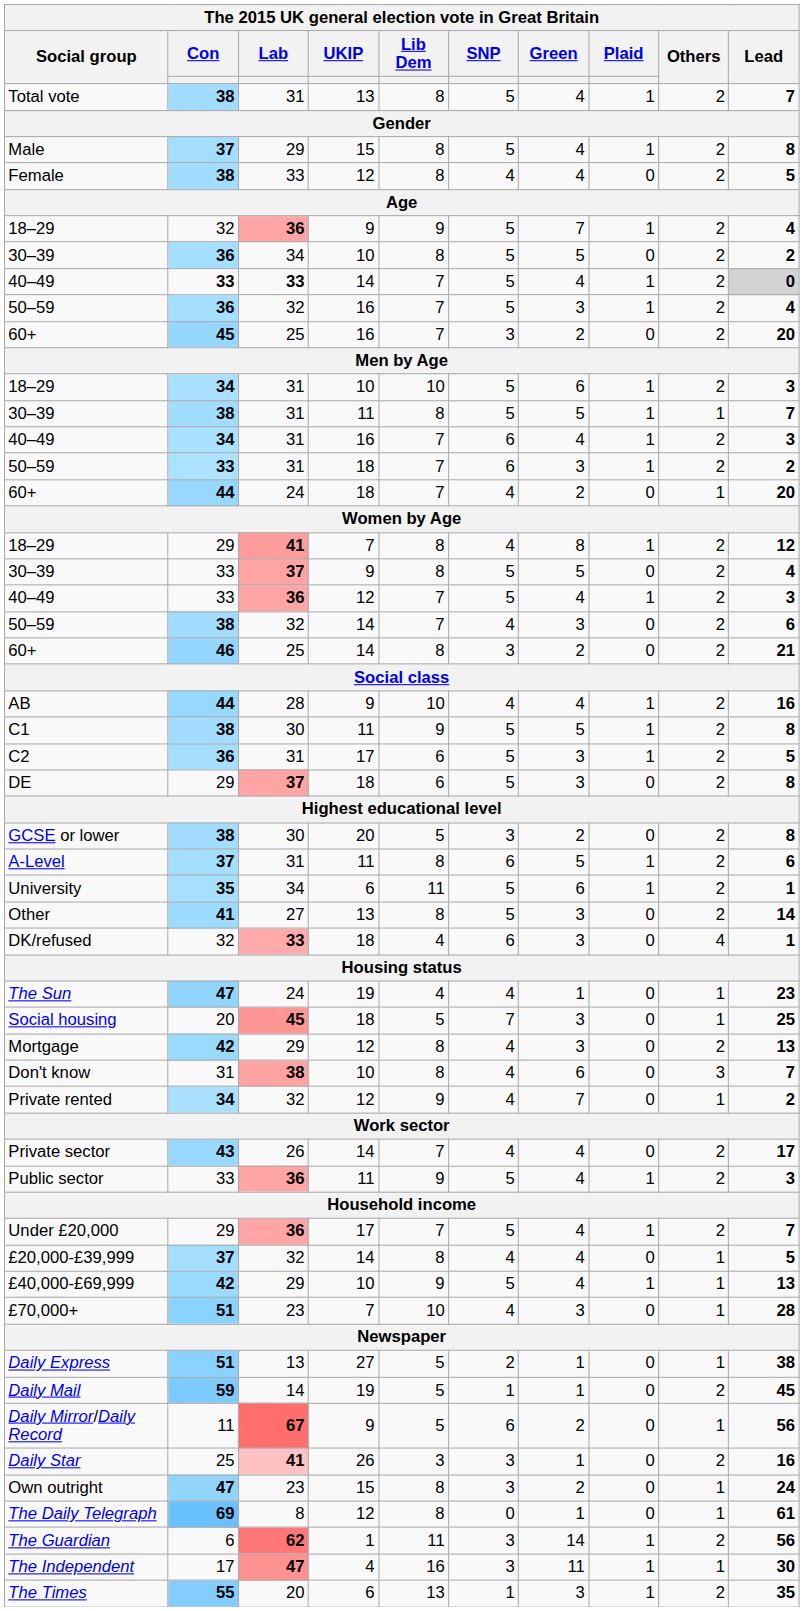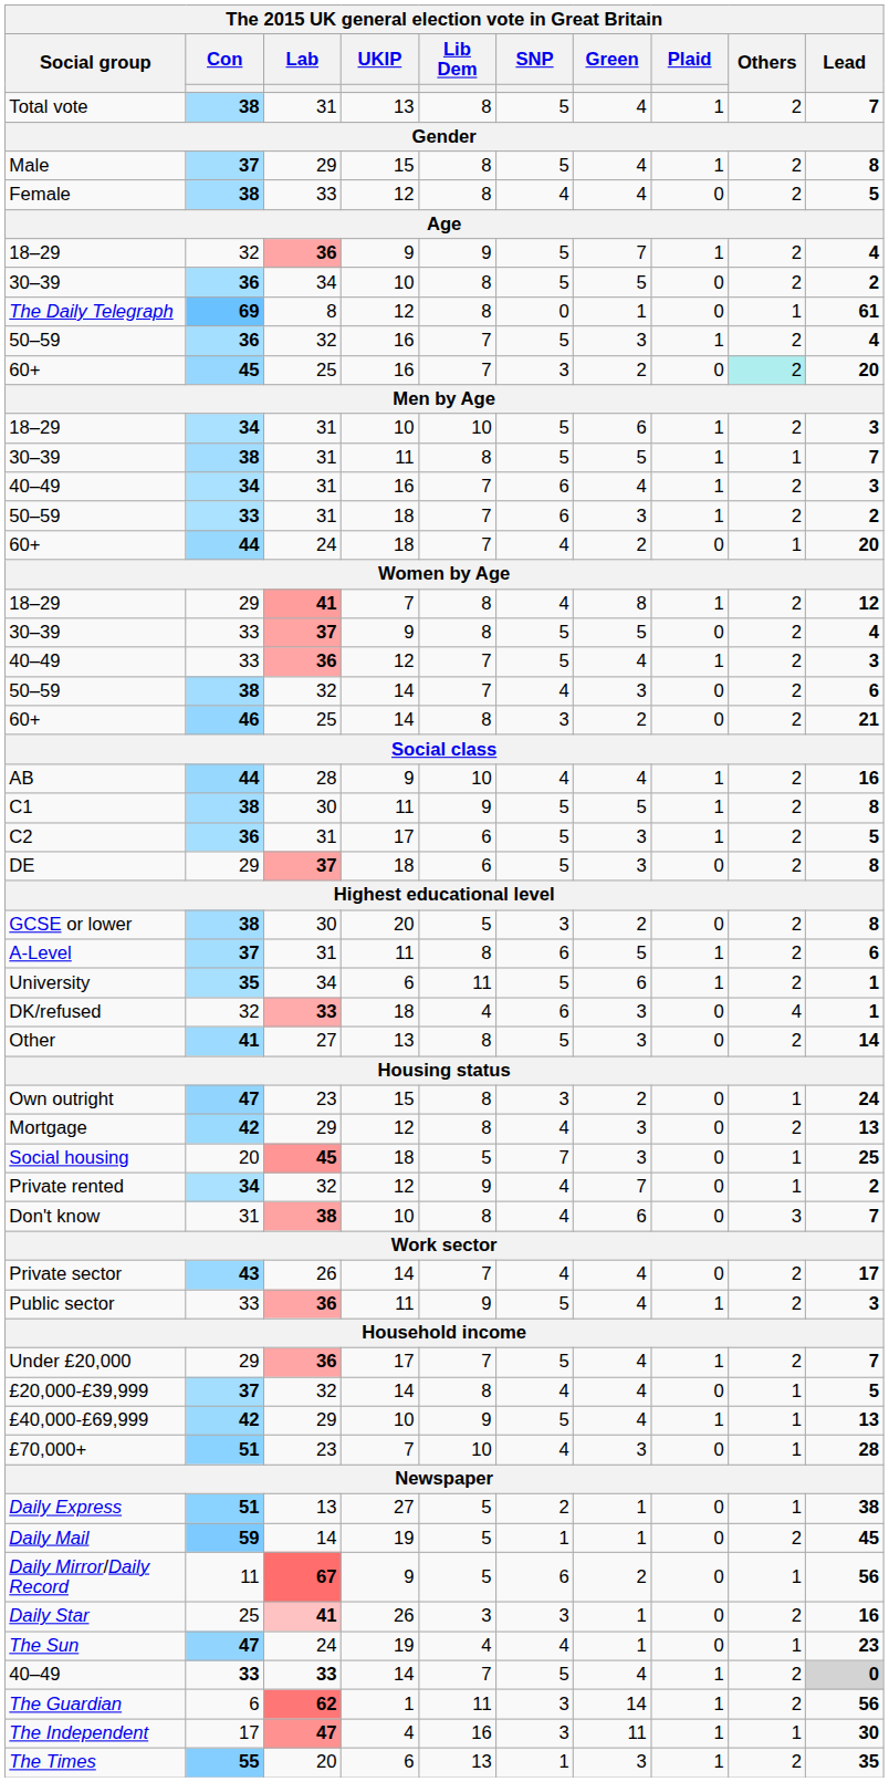 <table class=wikitable>
 <tr>
 <th colspan="10">The 2015 UK general election vote in Great Britain</th>
 </tr>
 <tr>
 <th style="width:150px;" rowspan="2">Social group</th>
 <th style="width:60px;" class="unsortable"><a href='#'>Con</a></th>
 <th style="width:60px;" class="unsortable"><a href='#'>Lab</a></th>
 <th style="width:60px;" class="unsortable"><a href='#'>UKIP</a></th>
 <th style="width:60px;" class="unsortable"><a href='#'>Lib Dem</a></th>
 <th style="width:60px;" class="unsortable"><a href='#'>SNP</a></th>
 <th style="width:60px;" class="unsortable"><a href='#'>Green</a></th>
 <th style="width:60px;" class="unsortable"><a href='#'>Plaid</a></th>
 <th style="width:60px;" rowspan="2" class="unsortable">Others</th>
 <th style="width:60px;" rowspan="2" class="unsortable">Lead</th>
 </tr>
 <tr>
 <th class="unsortable" style="color:inherit;background:"></th>
 <th class="unsortable" style="color:inherit;background:"></th>
 <th class="unsortable" style="color:inherit;background:"></th>
 <th class="unsortable" style="color:inherit;background:"></th>
 <th class="unsortable" style="color:inherit;background:"></th>
 <th class="unsortable" style="color:inherit;background:"></th>
 <th class="unsortable" style="color:inherit;background:"></th>
 </tr>
 <tr>
 <td>Total vote</td>
 <td style="text-align:right; background:#A2DDFF;"><strong>38</strong></td>
 <td style="text-align:right;">31</td>
 <td style="text-align:right;">13</td>
 <td style="text-align:right;">8</td>
 <td style="text-align:right;">5</td>
 <td style="text-align:right;">4</td>
 <td style="text-align:right;">1</td>
 <td style="text-align:right;">2</td>
 <td style="text-align:right; background:"><strong>7</strong></td>
 </tr>
 <tr>
 <th colspan=10>Gender</th>
 </tr>
 <tr>
 <td>Male</td>
 <td style="text-align:right; background:#A3DEFF;"><strong>37</strong></td>
 <td style="text-align:right;">29</td>
 <td style="text-align:right;">15</td>
 <td style="text-align:right;">8</td>
 <td style="text-align:right;">5</td>
 <td style="text-align:right;">4</td>
 <td style="text-align:right;">1</td>
 <td style="text-align:right;">2</td>
 <td style="text-align:right; background:"><strong>8</strong></td>
 </tr>
 <tr>
 <td>Female</td>
 <td style="text-align:right; background:#A2DDFF;"><strong>38</strong></td>
 <td style="text-align:right;">33</td>
 <td style="text-align:right;">12</td>
 <td style="text-align:right;">8</td>
 <td style="text-align:right;">4</td>
 <td style="text-align:right;">4</td>
 <td style="text-align:right;">0</td>
 <td style="text-align:right;">2</td>
 <td style="text-align:right; background:"><strong>5</strong></td>
 </tr>
 <tr>
 <th colspan=10>Age</th>
 </tr>
 <tr>
 <td>18–29</td>
 <td style="text-align:right;">32</td>
 <td style="text-align:right; background:#FFA5A5;"><strong>36</strong></td>
 <td style="text-align:right;">9</td>
 <td style="text-align:right;">9</td>
 <td style="text-align:right;">5</td>
 <td style="text-align:right;">7</td>
 <td style="text-align:right;">1</td>
 <td style="text-align:right;">2</td>
 <td style="text-align:right; background:"><strong>4</strong></td>
 </tr>
 <tr>
 <td>30–39</td>
 <td style="text-align:right; background:#A5DFFF;"><strong>36</strong></td>
 <td style="text-align:right;">34</td>
 <td style="text-align:right;">10</td>
 <td style="text-align:right;">8</td>
 <td style="text-align:right;">5</td>
 <td style="text-align:right;">5</td>
 <td style="text-align:right;">0</td>
 <td style="text-align:right;">2</td>
 <td style="text-align:right; background:"><strong>2</strong></td>
 </tr>
 <tr>
-<td>40–49</td>
-<td style="text-align:right; "><strong>33</strong></td>
-<td style="text-align:right; "><strong>33</strong></td>
-<td style="text-align:right;">14</td>
-<td style="text-align:right;">7</td>
-<td style="text-align:right;">5</td>
-<td style="text-align:right;">4</td>
+<td><em><a href='#'>The Daily Telegraph</a></em></td>
+<td style="text-align:right; background:#6AC1FF;"><strong>69</strong></td>
+<td style="text-align:right;">8</td>
+<td style="text-align:right;">12</td>
+<td style="text-align:right;">8</td>
+<td style="text-align:right;">0</td>
 <td style="text-align:right;">1</td>
-<td style="text-align:right;">2</td>
-<td style="text-align:right; background:lightgrey; color:black;"><strong>0</strong></td>
+<td style="text-align:right;">0</td>
+<td style="text-align:right;">1</td>
+<td style="text-align:right; background:"><strong>61</strong></td>
 </tr>
 <tr>
 <td>50–59</td>
 <td style="text-align:right; background:#A5DFFF;"><strong>36</strong></td>
 <td style="text-align:right; ">32</td>
 <td style="text-align:right;">16</td>
 <td style="text-align:right;">7</td>
 <td style="text-align:right;">5</td>
 <td style="text-align:right;">3</td>
 <td style="text-align:right;">1</td>
 <td style="text-align:right;">2</td>
 <td style="text-align:right; background:"><strong>4</strong></td>
 </tr>
 <tr>
 <td>60+</td>
 <td style="text-align:right; background:#95D7FF;"><strong>45</strong></td>
 <td style="text-align:right; ">25</td>
 <td style="text-align:right;">16</td>
 <td style="text-align:right;">7</td>
 <td style="text-align:right;">3</td>
 <td style="text-align:right;">2</td>
 <td style="text-align:right;">0</td>
-<td style="text-align:right;">2</td>
+<td style="background: paleturquoise; text-align:right;">2</td>
 <td style="text-align:right; background:"><strong>20</strong></td>
 </tr>
 <tr>
 <th colspan=10>Men by Age</th>
 </tr>
 <tr>
 <td>18–29</td>
 <td style="text-align:right; background:#A9E1FF;"><strong>34</strong></td>
 <td style="text-align:right;">31</td>
 <td style="text-align:right;">10</td>
 <td style="text-align:right;">10</td>
 <td style="text-align:right;">5</td>
 <td style="text-align:right;">6</td>
 <td style="text-align:right;">1</td>
 <td style="text-align:right;">2</td>
 <td style="text-align:right; background:"><strong>3</strong></td>
 </tr>
 <tr>
 <td>30–39</td>
 <td style="text-align:right; background:#A2DDFF;"><strong>38</strong></td>
 <td style="text-align:right;">31</td>
 <td style="text-align:right;">11</td>
 <td style="text-align:right;">8</td>
 <td style="text-align:right;">5</td>
 <td style="text-align:right;">5</td>
 <td style="text-align:right;">1</td>
 <td style="text-align:right;">1</td>
 <td style="text-align:right; background:"><strong>7</strong></td>
 </tr>
 <tr>
 <td>40–49</td>
 <td style="text-align:right; background:#A9E1FF;"><strong>34</strong></td>
 <td style="text-align:right; ">31</td>
 <td style="text-align:right;">16</td>
 <td style="text-align:right;">7</td>
 <td style="text-align:right;">6</td>
 <td style="text-align:right;">4</td>
 <td style="text-align:right;">1</td>
 <td style="text-align:right;">2</td>
 <td style="text-align:right; background:"><strong>3</strong></td>
 </tr>
 <tr>
 <td>50–59</td>
 <td style="text-align:right; background:#ABE2FF;"><strong>33</strong></td>
 <td style="text-align:right;">31</td>
 <td style="text-align:right;">18</td>
 <td style="text-align:right;">7</td>
 <td style="text-align:right;">6</td>
 <td style="text-align:right;">3</td>
 <td style="text-align:right;">1</td>
 <td style="text-align:right;">2</td>
 <td style="text-align:right; background:"><strong>2</strong></td>
 </tr>
 <tr>
 <td>60+</td>
 <td style="text-align:right; background:#97D8FF;"><strong>44</strong></td>
 <td style="text-align:right;">24</td>
 <td style="text-align:right;">18</td>
 <td style="text-align:right;">7</td>
 <td style="text-align:right;">4</td>
 <td style="text-align:right;">2</td>
 <td style="text-align:right;">0</td>
 <td style="text-align:right;">1</td>
 <td style="text-align:right; background:"><strong>20</strong></td>
 </tr>
 <tr>
 <th colspan=10>Women by Age</th>
 </tr>
 <tr>
 <td>18–29</td>
 <td style="text-align:right;">29</td>
 <td style="text-align:right; background:#FF9C9C;"><strong>41</strong></td>
 <td style="text-align:right;">7</td>
 <td style="text-align:right;">8</td>
 <td style="text-align:right;">4</td>
 <td style="text-align:right;">8</td>
 <td style="text-align:right;">1</td>
 <td style="text-align:right;">2</td>
 <td style="text-align:right; background:"><strong>12</strong></td>
 </tr>
 <tr>
 <td>30–39</td>
 <td style="text-align:right;">33</td>
 <td style="text-align:right; background:#FFA3A3;"><strong>37</strong></td>
 <td style="text-align:right;">9</td>
 <td style="text-align:right;">8</td>
 <td style="text-align:right;">5</td>
 <td style="text-align:right;">5</td>
 <td style="text-align:right;">0</td>
 <td style="text-align:right;">2</td>
 <td style="text-align:right; background:"><strong>4</strong></td>
 </tr>
 <tr>
 <td>40–49</td>
 <td style="text-align:right;">33</td>
 <td style="text-align:right; background:#FFA5A5;"><strong>36</strong></td>
 <td style="text-align:right;">12</td>
 <td style="text-align:right;">7</td>
 <td style="text-align:right;">5</td>
 <td style="text-align:right;">4</td>
 <td style="text-align:right;">1</td>
 <td style="text-align:right;">2</td>
 <td style="text-align:right; background:"><strong>3</strong></td>
 </tr>
 <tr>
 <td>50–59</td>
 <td style="text-align:right; background:#A2DDFF;"><strong>38</strong></td>
 <td style="text-align:right;">32</td>
 <td style="text-align:right;">14</td>
 <td style="text-align:right;">7</td>
 <td style="text-align:right;">4</td>
 <td style="text-align:right;">3</td>
 <td style="text-align:right;">0</td>
 <td style="text-align:right;">2</td>
 <td style="text-align:right; background:"><strong>6</strong></td>
 </tr>
 <tr>
 <td>60+</td>
 <td style="text-align:right; background:#93D6FF;"><strong>46</strong></td>
 <td style="text-align:right;">25</td>
 <td style="text-align:right;">14</td>
 <td style="text-align:right;">8</td>
 <td style="text-align:right;">3</td>
 <td style="text-align:right;">2</td>
 <td style="text-align:right;">0</td>
 <td style="text-align:right;">2</td>
 <td style="text-align:right; background:"><strong>21</strong></td>
 </tr>
 <tr>
 <th colspan=10><a href='#'>Social class</a></th>
 </tr>
 <tr>
 <td>AB</td>
 <td style="text-align:right; background:#97D8FF;"><strong>44</strong></td>
 <td style="text-align:right;">28</td>
 <td style="text-align:right;">9</td>
 <td style="text-align:right;">10</td>
 <td style="text-align:right;">4</td>
 <td style="text-align:right;">4</td>
 <td style="text-align:right;">1</td>
 <td style="text-align:right;">2</td>
 <td style="text-align:right; background:"><strong>16</strong></td>
 </tr>
 <tr>
 <td>C1</td>
 <td style="text-align:right; background:#A2DDFF;"><strong>38</strong></td>
 <td style="text-align:right;">30</td>
 <td style="text-align:right;">11</td>
 <td style="text-align:right;">9</td>
 <td style="text-align:right;">5</td>
 <td style="text-align:right;">5</td>
 <td style="text-align:right;">1</td>
 <td style="text-align:right;">2</td>
 <td style="text-align:right; background:"><strong>8</strong></td>
 </tr>
 <tr>
 <td>C2</td>
 <td style="text-align:right; background:#A5DFFF;"><strong>36</strong></td>
 <td style="text-align:right;">31</td>
 <td style="text-align:right;">17</td>
 <td style="text-align:right;">6</td>
 <td style="text-align:right;">5</td>
 <td style="text-align:right;">3</td>
 <td style="text-align:right;">1</td>
 <td style="text-align:right;">2</td>
 <td style="text-align:right; background:"><strong>5</strong></td>
 </tr>
 <tr>
 <td>DE</td>
 <td style="text-align:right;">29</td>
 <td style="text-align:right; background:#FFA3A3;"><strong>37</strong></td>
 <td style="text-align:right;">18</td>
 <td style="text-align:right;">6</td>
 <td style="text-align:right;">5</td>
 <td style="text-align:right;">3</td>
 <td style="text-align:right;">0</td>
 <td style="text-align:right;">2</td>
 <td style="text-align:right; background:"><strong>8</strong></td>
 </tr>
 <tr>
 <th colspan=10>Highest educational level</th>
 </tr>
 <tr>
 <td><a href='#'>GCSE</a> or lower</td>
 <td style="text-align:right; background:#A2DDFF;"><strong>38</strong></td>
 <td style="text-align:right;">30</td>
 <td style="text-align:right;">20</td>
 <td style="text-align:right;">5</td>
 <td style="text-align:right;">3</td>
 <td style="text-align:right;">2</td>
 <td style="text-align:right;">0</td>
 <td style="text-align:right;">2</td>
 <td style="text-align:right; background:"><strong>8</strong></td>
 </tr>
 <tr>
 <td><a href='#'>A-Level</a></td>
 <td style="text-align:right; background:#A3DEFF;"><strong>37</strong></td>
 <td style="text-align:right;">31</td>
 <td style="text-align:right;">11</td>
 <td style="text-align:right;">8</td>
 <td style="text-align:right;">6</td>
 <td style="text-align:right;">5</td>
 <td style="text-align:right;">1</td>
 <td style="text-align:right;">2</td>
 <td style="text-align:right; background:"><strong>6</strong></td>
 </tr>
 <tr>
 <td>University</td>
 <td style="text-align:right; background:#A7E0FF;"><strong>35</strong></td>
 <td style="text-align:right;">34</td>
 <td style="text-align:right;">6</td>
 <td style="text-align:right;">11</td>
 <td style="text-align:right;">5</td>
 <td style="text-align:right;">6</td>
 <td style="text-align:right;">1</td>
 <td style="text-align:right;">2</td>
 <td style="text-align:right; background:"><strong>1</strong></td>
 </tr>
 <tr>
+<td>DK/refused</td>
+<td style="text-align:right;">32</td>
+<td style="text-align:right; background:#FFABAB;"><strong>33</strong></td>
+<td style="text-align:right;">18</td>
+<td style="text-align:right;">4</td>
+<td style="text-align:right;">6</td>
+<td style="text-align:right;">3</td>
+<td style="text-align:right;">0</td>
+<td style="text-align:right;">4</td>
+<td style="text-align:right; background:"><strong>1</strong></td>
+</tr>
+<tr>
 <td>Other</td>
 <td style="text-align:right; background:#9CDBFF;"><strong>41</strong></td>
 <td style="text-align:right;">27</td>
 <td style="text-align:right;">13</td>
 <td style="text-align:right;">8</td>
 <td style="text-align:right;">5</td>
 <td style="text-align:right;">3</td>
 <td style="text-align:right;">0</td>
 <td style="text-align:right;">2</td>
 <td style="text-align:right; background:"><strong>14</strong></td>
 </tr>
 <tr>
-<td>DK/refused</td>
-<td style="text-align:right;">32</td>
-<td style="text-align:right; background:#FFABAB;"><strong>33</strong></td>
-<td style="text-align:right;">18</td>
-<td style="text-align:right;">4</td>
-<td style="text-align:right;">6</td>
-<td style="text-align:right;">3</td>
-<td style="text-align:right;">0</td>
-<td style="text-align:right;">4</td>
-<td style="text-align:right; background:"><strong>1</strong></td>
-</tr>
-<tr>
 <th colspan=10>Housing status</th>
 </tr>
 <tr>
-<td><em><a href='#'>The Sun</a></em></td>
+<td>Own outright</td>
 <td style="text-align:right; background:#91D5FF;"><strong>47</strong></td>
-<td style="text-align:right;">24</td>
-<td style="text-align:right;">19</td>
-<td style="text-align:right;">4</td>
-<td style="text-align:right;">4</td>
-<td style="text-align:right;">1</td>
+<td style="text-align:right;">23</td>
+<td style="text-align:right;">15</td>
+<td style="text-align:right;">8</td>
+<td style="text-align:right;">3</td>
+<td style="text-align:right;">2</td>
 <td style="text-align:right;">0</td>
 <td style="text-align:right;">1</td>
-<td style="text-align:right; background:"><strong>23</strong></td>
+<td style="text-align:right; background:"><strong>24</strong></td>
+</tr>
+<tr>
+<td>Mortgage</td>
+<td style="text-align:right; background:#9ADAFF;"><strong>42</strong></td>
+<td style="text-align:right;">29</td>
+<td style="text-align:right;">12</td>
+<td style="text-align:right;">8</td>
+<td style="text-align:right;">4</td>
+<td style="text-align:right;">3</td>
+<td style="text-align:right;">0</td>
+<td style="text-align:right;">2</td>
+<td style="text-align:right; background:"><strong>13</strong></td>
 </tr>
 <tr>
 <td><a href='#'>Social housing</a></td>
 <td style="text-align:right;">20</td>
 <td style="text-align:right; background:#FF9595;"><strong>45</strong></td>
 <td style="text-align:right;">18</td>
 <td style="text-align:right;">5</td>
 <td style="text-align:right;">7</td>
 <td style="text-align:right;">3</td>
 <td style="text-align:right;">0</td>
 <td style="text-align:right;">1</td>
 <td style="text-align:right; background:"><strong>25</strong></td>
 </tr>
 <tr>
-<td>Mortgage</td>
-<td style="text-align:right; background:#9ADAFF;"><strong>42</strong></td>
-<td style="text-align:right;">29</td>
+<td>Private rented</td>
+<td style="text-align:right; background:#A9E1FF;"><strong>34</strong></td>
+<td style="text-align:right; ">32</td>
 <td style="text-align:right;">12</td>
-<td style="text-align:right;">8</td>
+<td style="text-align:right;">9</td>
 <td style="text-align:right;">4</td>
-<td style="text-align:right;">3</td>
+<td style="text-align:right;">7</td>
 <td style="text-align:right;">0</td>
-<td style="text-align:right;">2</td>
-<td style="text-align:right; background:"><strong>13</strong></td>
+<td style="text-align:right;">1</td>
+<td style="text-align:right; background:"><strong>2</strong></td>
 </tr>
 <tr>
 <td>Don't know</td>
 <td style="text-align:right;">31</td>
 <td style="text-align:right; background:#FFA2A2;"><strong>38</strong></td>
 <td style="text-align:right;">10</td>
 <td style="text-align:right;">8</td>
 <td style="text-align:right;">4</td>
 <td style="text-align:right;">6</td>
 <td style="text-align:right;">0</td>
 <td style="text-align:right;">3</td>
 <td style="text-align:right; background:"><strong>7</strong></td>
-</tr>
-<tr>
-<td>Private rented</td>
-<td style="text-align:right; background:#A9E1FF;"><strong>34</strong></td>
-<td style="text-align:right; ">32</td>
-<td style="text-align:right;">12</td>
-<td style="text-align:right;">9</td>
-<td style="text-align:right;">4</td>
-<td style="text-align:right;">7</td>
-<td style="text-align:right;">0</td>
-<td style="text-align:right;">1</td>
-<td style="text-align:right; background:"><strong>2</strong></td>
 </tr>
 <tr>
 <th colspan=10>Work sector</th>
 </tr>
 <tr>
 <td>Private sector</td>
 <td style="text-align:right; background:#99D9FF;"><strong>43</strong></td>
 <td style="text-align:right;">26</td>
 <td style="text-align:right;">14</td>
 <td style="text-align:right;">7</td>
 <td style="text-align:right;">4</td>
 <td style="text-align:right;">4</td>
 <td style="text-align:right;">0</td>
 <td style="text-align:right;">2</td>
 <td style="text-align:right; background:"><strong>17</strong></td>
 </tr>
 <tr>
 <td>Public sector</td>
 <td style="text-align:right;">33</td>
 <td style="text-align:right; background:#FFA5A5;"><strong>36</strong></td>
 <td style="text-align:right;">11</td>
 <td style="text-align:right;">9</td>
 <td style="text-align:right;">5</td>
 <td style="text-align:right;">4</td>
 <td style="text-align:right;">1</td>
 <td style="text-align:right;">2</td>
 <td style="text-align:right; background:"><strong>3</strong></td>
 </tr>
 <tr>
 <th colspan=10>Household income</th>
 </tr>
 <tr>
 <td>Under £20,000</td>
 <td style="text-align:right;">29</td>
 <td style="text-align:right; background:#FFA5A5;"><strong>36</strong></td>
 <td style="text-align:right;">17</td>
 <td style="text-align:right;">7</td>
 <td style="text-align:right;">5</td>
 <td style="text-align:right;">4</td>
 <td style="text-align:right;">1</td>
 <td style="text-align:right;">2</td>
 <td style="text-align:right; background:"><strong>7</strong></td>
 </tr>
 <tr>
 <td>£20,000-£39,999</td>
 <td style="text-align:right; background:#A3DEFF;"><strong>37</strong></td>
 <td style="text-align:right; ">32</td>
 <td style="text-align:right;">14</td>
 <td style="text-align:right;">8</td>
 <td style="text-align:right;">4</td>
 <td style="text-align:right;">4</td>
 <td style="text-align:right;">0</td>
 <td style="text-align:right;">1</td>
 <td style="text-align:right; background:"><strong>5</strong></td>
 </tr>
 <tr>
 <td>£40,000-£69,999</td>
 <td style="text-align:right; background:#9ADAFF;"><strong>42</strong></td>
 <td style="text-align:right; ">29</td>
 <td style="text-align:right;">10</td>
 <td style="text-align:right;">9</td>
 <td style="text-align:right;">5</td>
 <td style="text-align:right;">4</td>
 <td style="text-align:right;">1</td>
 <td style="text-align:right;">1</td>
 <td style="text-align:right; background:"><strong>13</strong></td>
 </tr>
 <tr>
 <td>£70,000+</td>
 <td style="text-align:right; background:#8AD2FF;"><strong>51</strong></td>
 <td style="text-align:right; ">23</td>
 <td style="text-align:right;">7</td>
 <td style="text-align:right;">10</td>
 <td style="text-align:right;">4</td>
 <td style="text-align:right;">3</td>
 <td style="text-align:right;">0</td>
 <td style="text-align:right;">1</td>
 <td style="text-align:right; background:"><strong>28</strong></td>
 </tr>
 <tr>
 <th colspan=10>Newspaper</th>
 </tr>
 <tr>
 <td><em><a href='#'>Daily Express</a></em></td>
 <td style="text-align:right; background:#8AD2FF;"><strong>51</strong></td>
 <td style="text-align:right;">13</td>
 <td style="text-align:right;">27</td>
 <td style="text-align:right;">5</td>
 <td style="text-align:right;">2</td>
 <td style="text-align:right;">1</td>
 <td style="text-align:right;">0</td>
 <td style="text-align:right;">1</td>
 <td style="text-align:right; background:"><strong>38</strong></td>
 </tr>
 <tr>
 <td><em><a href='#'>Daily Mail</a></em></td>
 <td style="text-align:right; background:#7CCAFF;"><strong>59</strong></td>
 <td style="text-align:right;">14</td>
 <td style="text-align:right;">19</td>
 <td style="text-align:right;">5</td>
 <td style="text-align:right;">1</td>
 <td style="text-align:right;">1</td>
 <td style="text-align:right;">0</td>
 <td style="text-align:right;">2</td>
 <td style="text-align:right; background:"><strong>45</strong></td>
 </tr>
 <tr>
 <td><em><a href='#'>Daily Mirror</a></em>/<em><a href='#'>Daily Record</a></em></td>
 <td style="text-align:right;">11</td>
 <td style="text-align:right; background:#FF6D6D;"><strong>67</strong></td>
 <td style="text-align:right;">9</td>
 <td style="text-align:right;">5</td>
 <td style="text-align:right;">6</td>
 <td style="text-align:right;">2</td>
 <td style="text-align:right;">0</td>
 <td style="text-align:right;">1</td>
 <td style="text-align:right; background:"><strong>56</strong></td>
 </tr>
 <tr>
 <td><em><a href='#'>Daily Star</a></em></td>
 <td style="text-align:right;">25</td>
 <td style="text-align:right; background:#FFC2C2;"><strong>41</strong></td>
 <td style="text-align:right;">26</td>
 <td style="text-align:right;">3</td>
 <td style="text-align:right;">3</td>
 <td style="text-align:right;">1</td>
 <td style="text-align:right;">0</td>
 <td style="text-align:right;">2</td>
 <td style="text-align:right; background:"><strong>16</strong></td>
 </tr>
 <tr>
-<td>Own outright</td>
+<td><em><a href='#'>The Sun</a></em></td>
 <td style="text-align:right; background:#91D5FF;"><strong>47</strong></td>
-<td style="text-align:right;">23</td>
-<td style="text-align:right;">15</td>
-<td style="text-align:right;">8</td>
-<td style="text-align:right;">3</td>
-<td style="text-align:right;">2</td>
-<td style="text-align:right;">0</td>
-<td style="text-align:right;">1</td>
-<td style="text-align:right; background:"><strong>24</strong></td>
-</tr>
-<tr>
-<td><em><a href='#'>The Daily Telegraph</a></em></td>
-<td style="text-align:right; background:#6AC1FF;"><strong>69</strong></td>
-<td style="text-align:right;">8</td>
-<td style="text-align:right;">12</td>
-<td style="text-align:right;">8</td>
-<td style="text-align:right;">0</td>
+<td style="text-align:right;">24</td>
+<td style="text-align:right;">19</td>
+<td style="text-align:right;">4</td>
+<td style="text-align:right;">4</td>
 <td style="text-align:right;">1</td>
 <td style="text-align:right;">0</td>
 <td style="text-align:right;">1</td>
-<td style="text-align:right; background:"><strong>61</strong></td>
+<td style="text-align:right; background:"><strong>23</strong></td>
+</tr>
+<tr>
+<td>40–49</td>
+<td style="text-align:right; "><strong>33</strong></td>
+<td style="text-align:right; "><strong>33</strong></td>
+<td style="text-align:right;">14</td>
+<td style="text-align:right;">7</td>
+<td style="text-align:right;">5</td>
+<td style="text-align:right;">4</td>
+<td style="text-align:right;">1</td>
+<td style="text-align:right;">2</td>
+<td style="text-align:right; background:lightgrey; color:black;"><strong>0</strong></td>
 </tr>
 <tr>
 <td><em><a href='#'>The Guardian</a></em></td>
 <td style="text-align:right;">6</td>
 <td style="text-align:right; background:#FF7676;"><strong>62</strong></td>
 <td style="text-align:right;">1</td>
 <td style="text-align:right;">11</td>
 <td style="text-align:right;">3</td>
 <td style="text-align:right;">14</td>
 <td style="text-align:right;">1</td>
 <td style="text-align:right;">2</td>
 <td style="text-align:right; background:"><strong>56</strong></td>
 </tr>
 <tr>
 <td><em><a href='#'>The Independent</a></em></td>
 <td style="text-align:right;">17</td>
 <td style="text-align:right; background:#FF9191;"><strong>47</strong></td>
 <td style="text-align:right;">4</td>
 <td style="text-align:right;">16</td>
 <td style="text-align:right;">3</td>
 <td style="text-align:right;">11</td>
 <td style="text-align:right;">1</td>
 <td style="text-align:right;">1</td>
 <td style="text-align:right; background:"><strong>30</strong></td>
 </tr>
 <tr>
 <td><em><a href='#'>The Times</a></em></td>
 <td style="text-align:right; background:#83CEFF;"><strong>55</strong></td>
 <td style="text-align:right;">20</td>
 <td style="text-align:right;">6</td>
 <td style="text-align:right;">13</td>
 <td style="text-align:right;">1</td>
 <td style="text-align:right;">3</td>
 <td style="text-align:right;">1</td>
 <td style="text-align:right;">2</td>
 <td style="text-align:right; background:"><strong>35</strong></td>
 </tr>
 </table>
